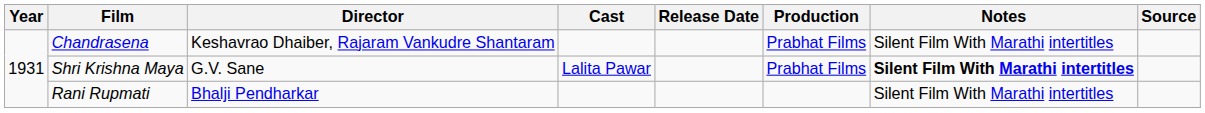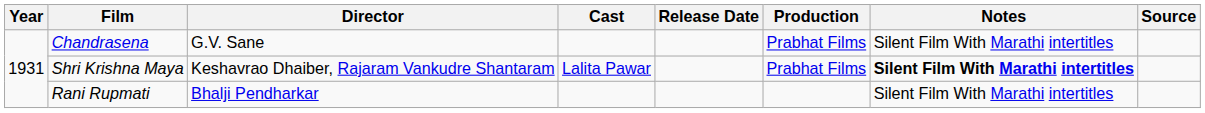 <table class ="wikitable sortable collapsible">
 <tr>
 <th>Year</th>
 <th>Film</th>
 <th>Director</th>
 <th class="unsortable">Cast</th>
 <th>Release Date</th>
 <th class="unsortable">Production</th>
 <th class="unsortable">Notes</th>
 <th class="unsortable">Source</th>
 </tr>
 <tr>
 <td rowspan=3 align="center">1931</td>
 <td><em><a href='#'>Chandrasena</a></em></td>
-<td>Keshavrao Dhaiber, <a href='#'>Rajaram Vankudre Shantaram</a></td>
+<td>G.V. Sane</td>
 <td></td>
 <td></td>
 <td><a href='#'>Prabhat Films</a></td>
 <td>Silent Film With <a href='#'>Marathi</a> <a href='#'>intertitles</a></td>
 <td></td>
 </tr>
 <tr>
 <td><em>Shri Krishna Maya</em></td>
-<td>G.V. Sane</td>
+<td>Keshavrao Dhaiber, <a href='#'>Rajaram Vankudre Shantaram</a></td>
 <td><a href='#'>Lalita Pawar</a></td>
 <td></td>
 <td><a href='#'>Prabhat Films</a></td>
 <td><strong>Silent Film With <a href='#'>Marathi</a> <a href='#'>intertitles</a></strong></td>
 <td></td>
 </tr>
 <tr>
 <td><em>Rani Rupmati</em></td>
 <td><a href='#'>Bhalji Pendharkar</a></td>
 <td></td>
 <td></td>
 <td></td>
 <td>Silent Film With <a href='#'>Marathi</a> <a href='#'>intertitles</a></td>
 <td></td>
 </tr>
 </table>
